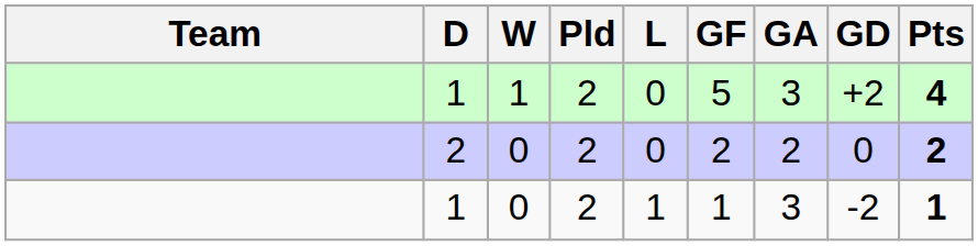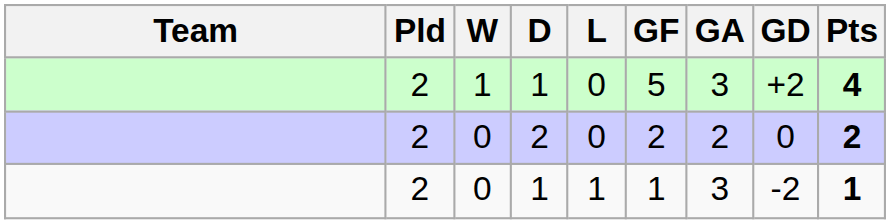 <table class="wikitable" style="text-align: center;">
 <tr>
 <th width=175>Team</th>
+<th width=20 abbr="Played">Pld</th>
+<th width=20 abbr="Won">W</th>
 <th width=20 abbr="Drawn">D</th>
-<th width=20 abbr="Won">W</th>
-<th width=20 abbr="Played">Pld</th>
 <th width=20 abbr="Lost">L</th>
 <th width=20 abbr="Goals for">GF</th>
 <th width=20 abbr="Goals against">GA</th>
 <th width=20 abbr="Goal difference">GD</th>
 <th width=20 abbr="Points">Pts</th>
 </tr>
 <tr bgcolor=#ccffcc>
 <td align=left></td>
+<td>2</td>
 <td>1</td>
 <td>1</td>
-<td>2</td>
 <td>0</td>
 <td>5</td>
 <td>3</td>
 <td>+2</td>
 <td><strong>4</strong></td>
 </tr>
 <tr bgcolor=#ccccff>
 <td align=left></td>
 <td>2</td>
 <td>0</td>
 <td>2</td>
 <td>0</td>
 <td>2</td>
 <td>2</td>
 <td>0</td>
 <td><strong>2</strong></td>
 </tr>
 <tr>
 <td align=left></td>
+<td>2</td>
+<td>0</td>
 <td>1</td>
-<td>0</td>
-<td>2</td>
 <td>1</td>
 <td>1</td>
 <td>3</td>
 <td>-2</td>
 <td><strong>1</strong></td>
 </tr>
 </table>
